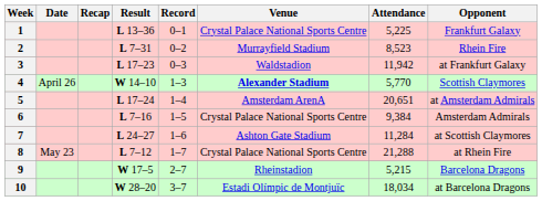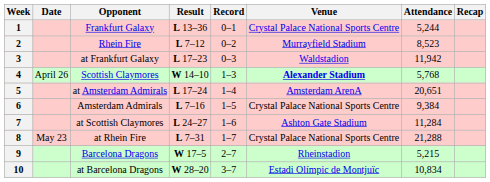 <table class="wikitable" style="text-align:center">
 <tr>
 <th>Week</th>
 <th>Date</th>
-<th>Recap</th>
+<th>Opponent</th>
 <th>Result</th>
 <th>Record</th>
 <th>Venue</th>
 <th>Attendance</th>
-<th>Opponent</th>
+<th>Recap</th>
 </tr>
 <tr style="background:#fcc">
 <th>1</th>
 <td></td>
-<td></td>
+<td><a href='#'>Frankfurt Galaxy</a></td>
 <td><strong>L</strong> 13–36</td>
 <td>0–1</td>
 <td><a href='#'>Crystal Palace National Sports Centre</a></td>
-<td>5,225</td>
-<td><a href='#'>Frankfurt Galaxy</a></td>
+<td>5,244</td>
+<td></td>
 </tr>
 <tr style="background:#fcc">
 <th>2</th>
 <td></td>
-<td></td>
-<td><strong>L</strong> 7–31</td>
+<td><a href='#'>Rhein Fire</a></td>
+<td><strong>L</strong> 7–12</td>
 <td>0–2</td>
 <td><a href='#'>Murrayfield Stadium</a></td>
 <td>8,523</td>
-<td><a href='#'>Rhein Fire</a></td>
+<td></td>
 </tr>
 <tr style="background:#fcc">
 <th>3</th>
 <td></td>
-<td></td>
+<td>at Frankfurt Galaxy</td>
 <td><strong>L</strong> 17–23 </td>
 <td>0–3</td>
 <td><a href='#'>Waldstadion</a></td>
 <td>11,942</td>
-<td>at Frankfurt Galaxy</td>
+<td></td>
 </tr>
 <tr style="background:#cfc">
 <th>4</th>
 <td>April 26</td>
-<td></td>
+<td><a href='#'>Scottish Claymores</a></td>
 <td><strong>W</strong> 14–10</td>
 <td>1–3</td>
 <td><strong><a href='#'>Alexander Stadium</a></strong></td>
-<td>5,770</td>
-<td><a href='#'>Scottish Claymores</a></td>
+<td>5,768</td>
+<td></td>
 </tr>
 <tr style="background:#fcc">
 <th>5</th>
 <td></td>
-<td></td>
+<td>at <a href='#'>Amsterdam Admirals</a></td>
 <td><strong>L</strong> 17–24</td>
 <td>1–4</td>
 <td><a href='#'>Amsterdam ArenA</a></td>
 <td>20,651</td>
-<td>at <a href='#'>Amsterdam Admirals</a></td>
+<td></td>
 </tr>
 <tr style="background:#fcc">
 <th>6</th>
 <td></td>
-<td></td>
+<td>Amsterdam Admirals</td>
 <td><strong>L</strong> 7–16</td>
 <td>1–5</td>
 <td>Crystal Palace National Sports Centre</td>
 <td>9,384</td>
-<td>Amsterdam Admirals</td>
+<td></td>
 </tr>
 <tr style="background:#fcc">
 <th>7</th>
 <td></td>
-<td></td>
+<td>at Scottish Claymores</td>
 <td><strong>L</strong> 24–27</td>
 <td>1–6</td>
 <td><a href='#'>Ashton Gate Stadium</a></td>
 <td>11,284</td>
-<td>at Scottish Claymores</td>
+<td></td>
 </tr>
 <tr style="background:#fcc">
 <th>8</th>
 <td>May 23</td>
-<td></td>
-<td><strong>L</strong> 7–12</td>
+<td>at Rhein Fire</td>
+<td><strong>L</strong> 7–31</td>
 <td>1–7</td>
 <td>Crystal Palace National Sports Centre</td>
 <td>21,288</td>
-<td>at Rhein Fire</td>
+<td></td>
 </tr>
 <tr style="background:#cfc">
 <th>9</th>
 <td></td>
-<td></td>
+<td><a href='#'>Barcelona Dragons</a></td>
 <td><strong>W</strong> 17–5</td>
 <td>2–7</td>
 <td><a href='#'>Rheinstadion</a></td>
 <td>5,215</td>
-<td><a href='#'>Barcelona Dragons</a></td>
+<td></td>
 </tr>
 <tr style="background:#cfc">
 <th>10</th>
 <td></td>
-<td></td>
+<td>at Barcelona Dragons</td>
 <td><strong>W</strong> 28–20</td>
 <td>3–7</td>
 <td><a href='#'>Estadi Olímpic de Montjuïc</a></td>
-<td>18,034</td>
-<td>at Barcelona Dragons</td>
+<td>10,834</td>
+<td></td>
 </tr>
 </table>
